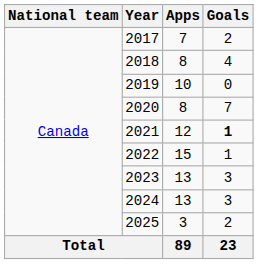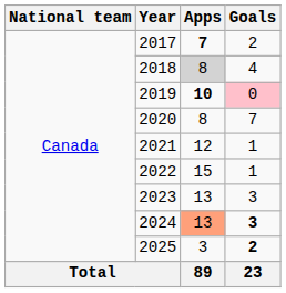 <table class="wikitable" style="text-align:center">
 <tr>
 <th>National team</th>
 <th>Year</th>
 <th>Apps</th>
 <th>Goals</th>
 </tr>
 <tr>
 <td rowspan="9"><a href='#'>Canada</a></td>
 <td>2017</td>
-<td>7</td>
+<td><strong>7</strong></td>
 <td>2</td>
 </tr>
 <tr>
 <td>2018</td>
-<td>8</td>
+<td style="background: lightgrey;">8</td>
 <td>4</td>
 </tr>
 <tr>
 <td>2019</td>
-<td>10</td>
-<td>0</td>
+<td><strong>10</strong></td>
+<td style="background: pink;">0</td>
 </tr>
 <tr>
 <td>2020</td>
 <td>8</td>
 <td>7</td>
 </tr>
 <tr>
 <td>2021</td>
 <td>12</td>
-<td><strong>1</strong></td>
+<td>1</td>
 </tr>
 <tr>
 <td>2022</td>
 <td>15</td>
 <td>1</td>
 </tr>
 <tr>
 <td>2023</td>
 <td>13</td>
 <td>3</td>
 </tr>
 <tr>
 <td>2024</td>
-<td>13</td>
-<td>3</td>
+<td style="background: lightsalmon;">13</td>
+<td><strong>3</strong></td>
 </tr>
 <tr>
 <td>2025</td>
 <td>3</td>
-<td>2</td>
+<td><strong>2</strong></td>
 </tr>
 <tr>
 <th colspan="2">Total</th>
 <th>89</th>
 <th>23</th>
 </tr>
 </table>
